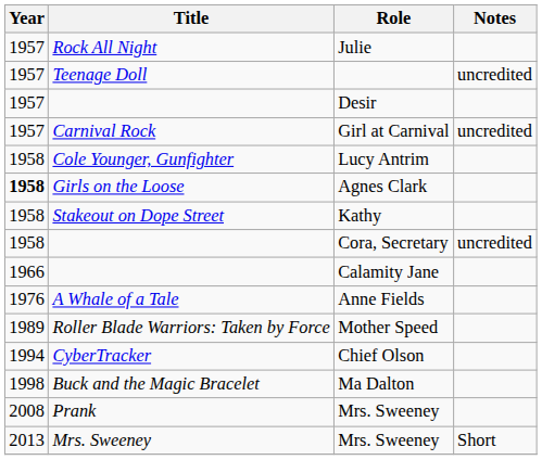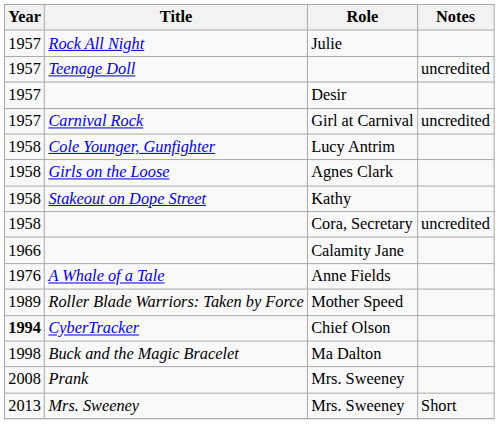 <table class="wikitable sortable">
 <tr>
 <th>Year</th>
 <th>Title</th>
 <th>Role</th>
 <th class="unsortable">Notes</th>
 </tr>
 <tr>
 <td>1957</td>
 <td><em><a href='#'>Rock All Night</a></em></td>
 <td>Julie</td>
 <td></td>
 </tr>
 <tr>
 <td>1957</td>
 <td><em><a href='#'>Teenage Doll</a></em></td>
 <td></td>
 <td>uncredited</td>
 </tr>
 <tr>
 <td>1957</td>
 <td><em></em></td>
 <td>Desir</td>
 <td></td>
 </tr>
 <tr>
 <td>1957</td>
 <td><em><a href='#'>Carnival Rock</a></em></td>
 <td>Girl at Carnival</td>
 <td>uncredited</td>
 </tr>
 <tr>
 <td>1958</td>
 <td><em><a href='#'>Cole Younger, Gunfighter</a></em></td>
 <td>Lucy Antrim</td>
 <td></td>
 </tr>
 <tr>
-<td><strong>1958</strong></td>
+<td>1958</td>
 <td><em><a href='#'>Girls on the Loose</a></em></td>
 <td>Agnes Clark</td>
 <td></td>
 </tr>
 <tr>
 <td>1958</td>
 <td><em><a href='#'>Stakeout on Dope Street</a></em></td>
 <td>Kathy</td>
 <td></td>
 </tr>
 <tr>
 <td>1958</td>
 <td><em></em></td>
 <td>Cora, Secretary</td>
 <td>uncredited</td>
 </tr>
 <tr>
 <td>1966</td>
 <td><em></em></td>
 <td>Calamity Jane</td>
 <td></td>
 </tr>
 <tr>
 <td>1976</td>
 <td><em><a href='#'>A Whale of a Tale</a></em></td>
 <td>Anne Fields</td>
 <td></td>
 </tr>
 <tr>
 <td>1989</td>
 <td><em>Roller Blade Warriors: Taken by Force</em></td>
 <td>Mother Speed</td>
 <td></td>
 </tr>
 <tr>
-<td>1994</td>
+<td><strong>1994</strong></td>
 <td><em><a href='#'>CyberTracker</a></em></td>
 <td>Chief Olson</td>
 <td></td>
 </tr>
 <tr>
 <td>1998</td>
 <td><em>Buck and the Magic Bracelet</em></td>
 <td>Ma Dalton</td>
 <td></td>
 </tr>
 <tr>
 <td>2008</td>
 <td><em>Prank</em></td>
 <td>Mrs. Sweeney</td>
 <td></td>
 </tr>
 <tr>
 <td>2013</td>
 <td><em>Mrs. Sweeney</em></td>
 <td>Mrs. Sweeney</td>
 <td>Short</td>
 </tr>
 <tr>
 </tr>
 </table>
